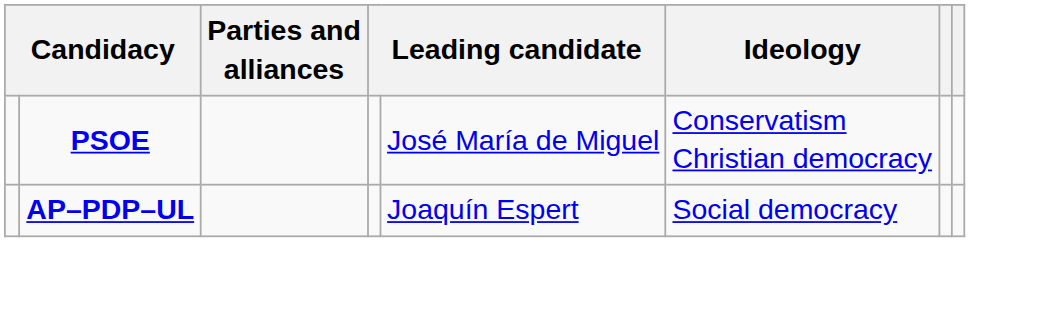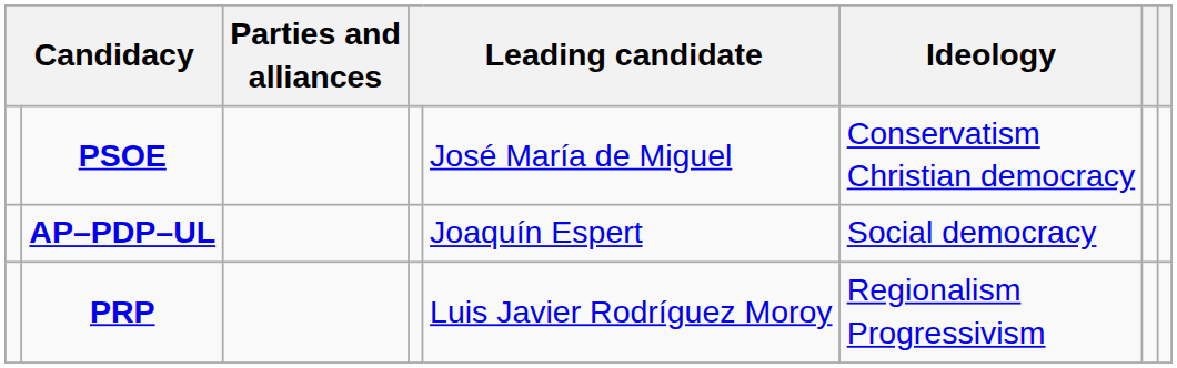 <table class="wikitable" style="line-height:1.35em; text-align:left;">
 <tr>
 <th colspan="2">Candidacy</th>
 <th>Parties and<br>alliances</th>
 <th colspan="2">Leading candidate</th>
 <th>Ideology</th>
 <th></th>
 <th></th>
 </tr>
 <tr>
 <td width="1" style="color:inherit;background:"></td>
 <td align="center"><strong><a href='#'>PSOE</a></strong></td>
 <td></td>
 <td></td>
 <td><a href='#'>José María de Miguel</a></td>
 <td><a href='#'>Conservatism</a><br><a href='#'>Christian democracy</a></td>
 <td></td>
 <td><br><br></td>
 </tr>
 <tr>
 <td style="color:inherit;background:"></td>
 <td align="center"><strong><a href='#'>AP–PDP–UL</a></strong></td>
 <td></td>
 <td></td>
 <td><a href='#'>Joaquín Espert</a></td>
 <td><a href='#'>Social democracy</a></td>
 <td></td>
 <td></td>
 </tr>
+<tr>
+<td style="color:inherit;background:"></td>
+<td align="center"><strong><a href='#'>PRP</a></strong></td>
+<td></td>
+<td></td>
+<td><a href='#'>Luis Javier Rodríguez Moroy</a></td>
+<td><a href='#'>Regionalism</a><br><a href='#'>Progressivism</a></td>
+<td></td>
+<td></td>
+</tr>
 </table>
